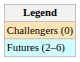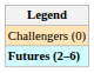 <table class=wikitable style=font-size:97%>
 <tr>
 <th>Legend</th>
 </tr>
 <tr bgcolor=moccasin>
 <td>Challengers (0)</td>
 </tr>
 <tr bgcolor=CFFCFF>
-<td>Futures (2–6)</td>
+<td><strong>Futures (2–6)</strong></td>
 </tr>
 </table>
